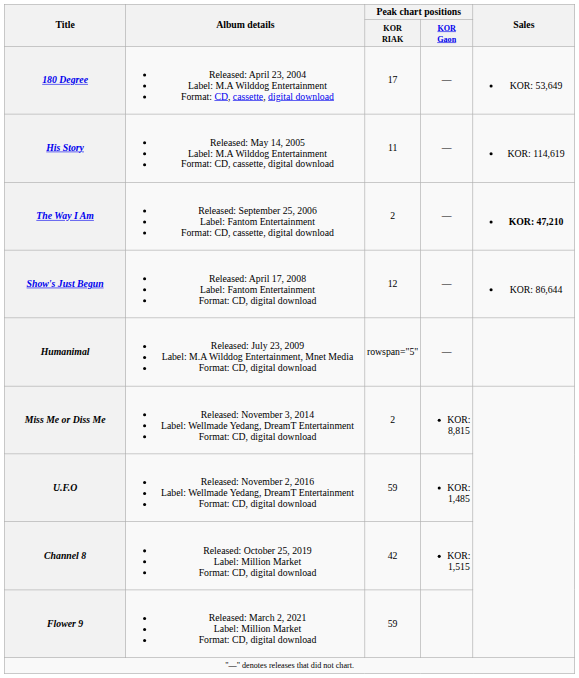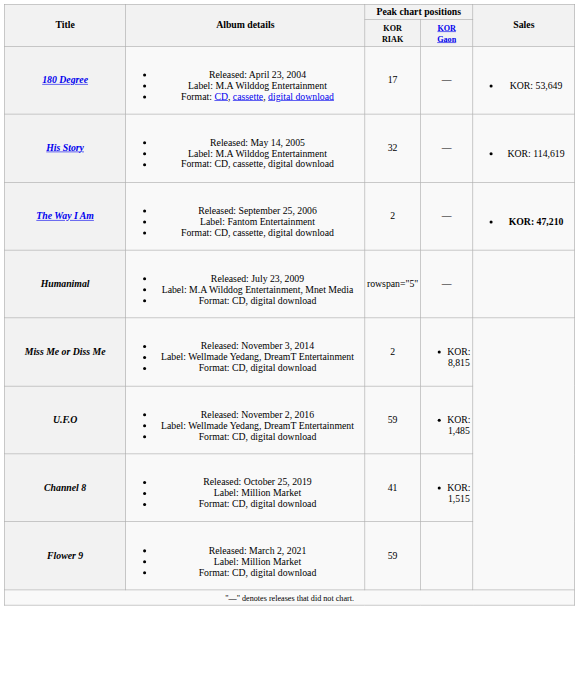 <table class="wikitable plainrowheaders" style="text-align:center;">
 <tr>
 <th scope="col" rowspan="2" style="width:12em;">Title</th>
 <th scope="col" rowspan="2" style="width:24em;">Album details</th>
 <th colspan="2">Peak chart positions</th>
 <th scope="col" rowspan="2" style="width:10em;">Sales</th>
 </tr>
 <tr>
 <th style="width:3em;"><small>KOR<br>RIAK</small><br></th>
 <th style="width:3em;"><small><a href='#'>KOR<br>Gaon</a></small><br></th>
 </tr>
 <tr>
 <th scope="row"><em><a href='#'>180 Degree</a></em></th>
 <td><br><ul><li>Released: April 23, 2004</li><li>Label: M.A Wilddog Entertainment</li><li>Format: <a href='#'>CD</a>, <a href='#'>cassette</a>, <a href='#'>digital download</a></li></ul></td>
 <td>17</td>
 <td>—</td>
 <td><br><ul><li>KOR: 53,649</li></ul></td>
 </tr>
 <tr>
 <th scope="row"><em><a href='#'>His Story</a></em></th>
 <td><br><ul><li>Released: May 14, 2005</li><li>Label: M.A Wilddog Entertainment</li><li>Format: CD, cassette, digital download</li></ul></td>
-<td>11</td>
+<td>32</td>
 <td>—</td>
 <td><br><ul><li>KOR: 114,619</li></ul></td>
 </tr>
 <tr>
 <th scope="row"><em><a href='#'>The Way I Am</a></em></th>
 <td><br><ul><li>Released: September 25, 2006</li><li>Label: Fantom Entertainment</li><li>Format: CD, cassette, digital download</li></ul></td>
 <td>2</td>
 <td>—</td>
 <td><strong><br><ul><li>KOR: 47,210</li></ul></strong></td>
-</tr>
-<tr>
-<th scope="row"><em><a href='#'>Show's Just Begun</a></em></th>
-<td><br><ul><li>Released: April 17, 2008</li><li>Label: Fantom Entertainment</li><li>Format: CD, digital download</li></ul></td>
-<td>12</td>
-<td>—</td>
-<td><br><ul><li>KOR: 86,644</li></ul></td>
 </tr>
 <tr>
 <th scope="row"><em>Humanimal</em></th>
 <td><br><ul><li>Released: July 23, 2009</li><li>Label: M.A Wilddog Entertainment, Mnet Media</li><li>Format: CD, digital download</li></ul></td>
 <td>rowspan="5" </td>
 <td>—</td>
 <td></td>
 </tr>
 <tr>
 <th scope="row"><em>Miss Me or Diss Me</em></th>
 <td><br><ul><li>Released: November 3, 2014</li><li>Label: Wellmade Yedang, DreamT Entertainment</li><li>Format: CD, digital download</li></ul></td>
 <td>2</td>
 <td><br><ul><li>KOR: 8,815</li></ul></td>
 </tr>
 <tr>
 <th scope="row"><em>U.F.O</em></th>
 <td><br><ul><li>Released: November 2, 2016</li><li>Label: Wellmade Yedang, DreamT Entertainment</li><li>Format: CD, digital download</li></ul></td>
 <td>59</td>
 <td><br><ul><li>KOR: 1,485</li></ul></td>
 </tr>
 <tr>
 <th scope="row"><em>Channel 8</em></th>
 <td><br><ul><li>Released: October 25, 2019</li><li>Label: Million Market</li><li>Format: CD, digital download</li></ul></td>
-<td>42</td>
+<td>41</td>
 <td><br><ul><li>KOR: 1,515</li></ul></td>
 </tr>
 <tr>
 <th scope="row"><em>Flower 9</em></th>
 <td><br><ul><li>Released: March 2, 2021</li><li>Label: Million Market</li><li>Format: CD, digital download</li></ul></td>
 <td>59</td>
 <td></td>
 </tr>
 <tr>
 <td colspan="5"><small>"—" denotes releases that did not chart.</small></td>
 </tr>
 </table>
